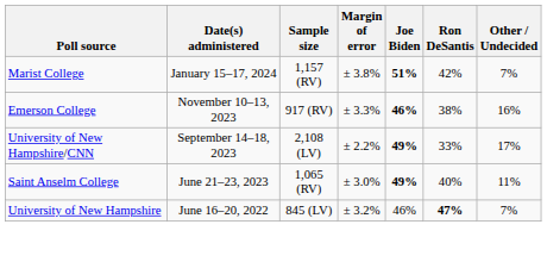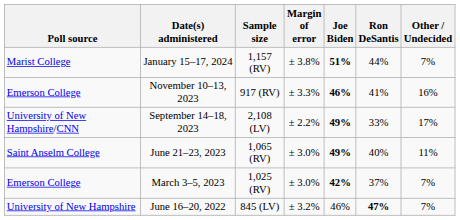 <table class="wikitable sortable mw-datatable" style="font-size:90%;text-align:center;line-height:17px">
 <tr valign=bottom>
 <th>Poll source</th>
 <th>Date(s)<br>administered</th>
 <th>Sample<br>size</th>
 <th>Margin<br>of error</th>
 <th class="unsortable">Joe<br>Biden<br></th>
 <th class="unsortable">Ron<br>DeSantis<br></th>
 <th class="unsortable">Other /<br>Undecided</th>
 </tr>
 <tr>
 <td style="text-align:left;"><a href='#'>Marist College</a></td>
 <td data-sort-value="2024-01-19">January 15–17, 2024</td>
 <td>1,157 (RV)</td>
 <td>± 3.8%</td>
 <td style="color:black;background-color:"><strong>51%</strong></td>
-<td>42%</td>
+<td>44%</td>
 <td>7%</td>
 </tr>
 <tr>
 <td style="text-align:left;"><a href='#'>Emerson College</a></td>
 <td data-sort-value="2023-11-15">November 10–13, 2023</td>
 <td>917 (RV)</td>
 <td>± 3.3%</td>
 <td style="color:black;background-color:"><strong>46%</strong></td>
-<td>38%</td>
+<td>41%</td>
 <td>16%</td>
 </tr>
 <tr>
 <td style="text-align:left;"><a href='#'>University of New Hampshire</a>/<a href='#'>CNN</a></td>
 <td data-sort-value="2023-08-11">September 14–18, 2023</td>
 <td>2,108 (LV)</td>
 <td>± 2.2%</td>
 <td style="color:black;background-color:"><strong>49%</strong></td>
 <td>33%</td>
 <td>17%</td>
 </tr>
 <tr>
 <td style="text-align:left;"><a href='#'>Saint Anselm College</a></td>
 <td data-sort-value="2023-06-23">June 21–23, 2023</td>
 <td>1,065 (RV)</td>
 <td>± 3.0%</td>
 <td style="color:black;background-color:"><strong>49%</strong></td>
 <td>40%</td>
 <td>11%</td>
 </tr>
 <tr>
+<td style="text-align:left;"><a href='#'>Emerson College</a></td>
+<td data-sort-value="2023-03-05">March 3–5, 2023</td>
+<td>1,025 (RV)</td>
+<td>± 3.0%</td>
+<td style="color:black;background-color:"><strong>42%</strong></td>
+<td>37%</td>
+<td>7%</td>
+</tr>
+<tr>
 <td style="text-align:left;"><a href='#'>University of New Hampshire</a></td>
 <td data-sort-value="2022-06-20">June 16–20, 2022</td>
 <td>845 (LV)</td>
 <td>± 3.2%</td>
 <td>46%</td>
 <td style="background-color:"><strong>47%</strong></td>
 <td>7%</td>
 </tr>
 </table>
